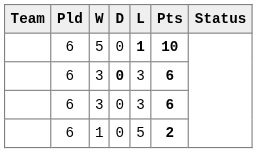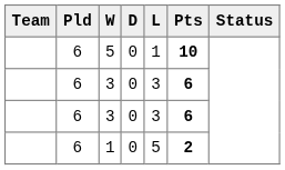 <table style=border-collapse:collapse border=1 cellspacing=0 cellpadding=5>
 <tr align=center bgcolor=#efefef>
 <th>Team</th>
 <th>Pld</th>
 <th>W</th>
 <th>D</th>
 <th>L</th>
 <th>Pts</th>
 <th>Status</th>
 </tr>
 <tr align=center style="background:#FFFFFF;">
 <td style="text-align:left;"> </td>
 <td>6</td>
 <td>5</td>
 <td>0</td>
-<td><strong>1</strong></td>
+<td>1</td>
 <td><strong>10</strong></td>
 <td rowspan=4></td>
 </tr>
 <tr align=center style="background:#FFFFFF;">
 <td style="text-align:left;"> </td>
 <td>6</td>
 <td>3</td>
-<td><strong>0</strong></td>
+<td>0</td>
 <td>3</td>
 <td><strong>6</strong></td>
 </tr>
 <tr align=center style="background:#FFFFFF;">
 <td style="text-align:left;"> </td>
 <td>6</td>
 <td>3</td>
 <td>0</td>
 <td>3</td>
 <td><strong>6</strong></td>
 </tr>
 <tr align=center style="background:#FFFFFF;">
 <td style="text-align:left;"> </td>
 <td>6</td>
 <td>1</td>
 <td>0</td>
 <td>5</td>
 <td><strong>2</strong></td>
 </tr>
 </table>
